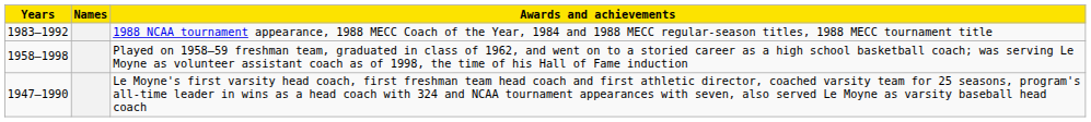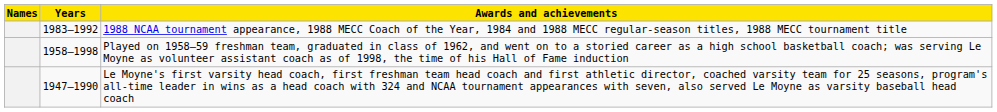 <table class="wikitable sortable plainrowheaders">
 <tr>
+<th style="background-color:#fce300;"><span>Names</span></th>
 <th style="background-color:#fce300;"><span>Years</span></th>
-<th style="background-color:#fce300;"><span>Names</span></th>
 <th class="unsortable" style="background-color:#fce300;"><span>Awards and achievements</span></th>
 </tr>
 <tr>
+<th scope="row" style="text-align:center"><strong></strong></th>
 <td>1983–1992</td>
-<th scope="row" style="text-align:center"><strong></strong></th>
 <td><a href='#'>1988 NCAA tournament</a> appearance, 1988 MECC Coach of the Year, 1984 and 1988 MECC regular-season titles, 1988 MECC tournament title</td>
 </tr>
 <tr>
+<th scope="row" style="text-align:center" style="white-space: nowrap;"><strong></strong></th>
 <td style="white-space: nowrap;">1958–1998</td>
-<th scope="row" style="text-align:center" style="white-space: nowrap;"><strong></strong></th>
 <td>Played on 1958–59 freshman team, graduated in class of 1962, and went on to a storied career as a high school basketball coach; was serving Le Moyne as volunteer assistant coach as of 1998, the time of his Hall of Fame induction</td>
 </tr>
 <tr>
+<th scope="row" style="text-align:center"><strong></strong></th>
 <td>1947–1990</td>
-<th scope="row" style="text-align:center"><strong></strong></th>
 <td>Le Moyne's first varsity head coach, first freshman team head coach and first athletic director, coached varsity team for 25 seasons, program's all-time leader in wins as a head coach with 324 and NCAA tournament appearances with seven, also served Le Moyne as varsity baseball head coach</td>
 </tr>
 </table>
